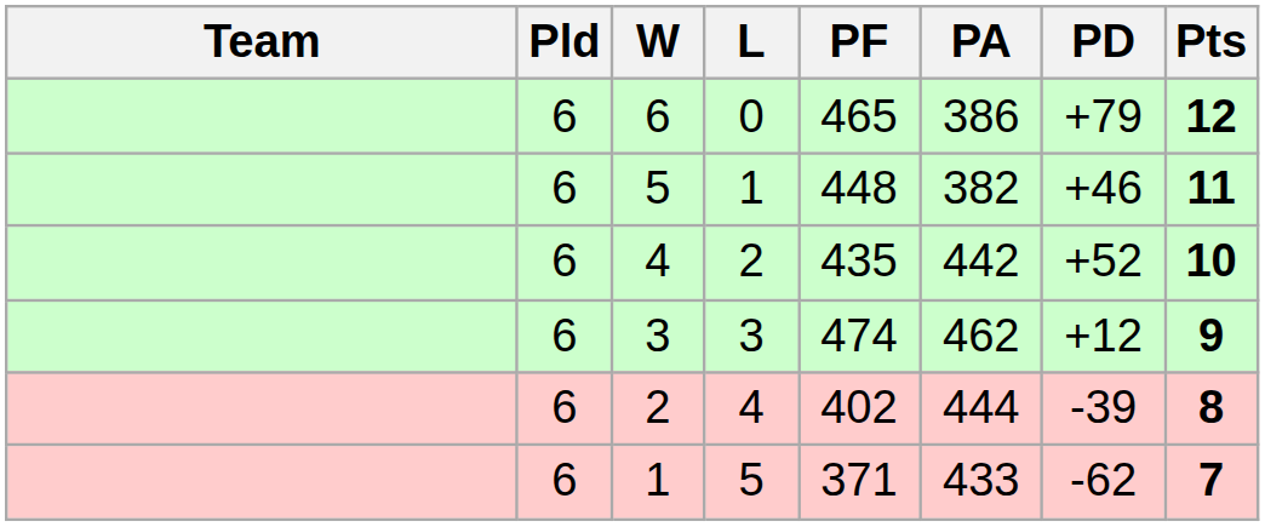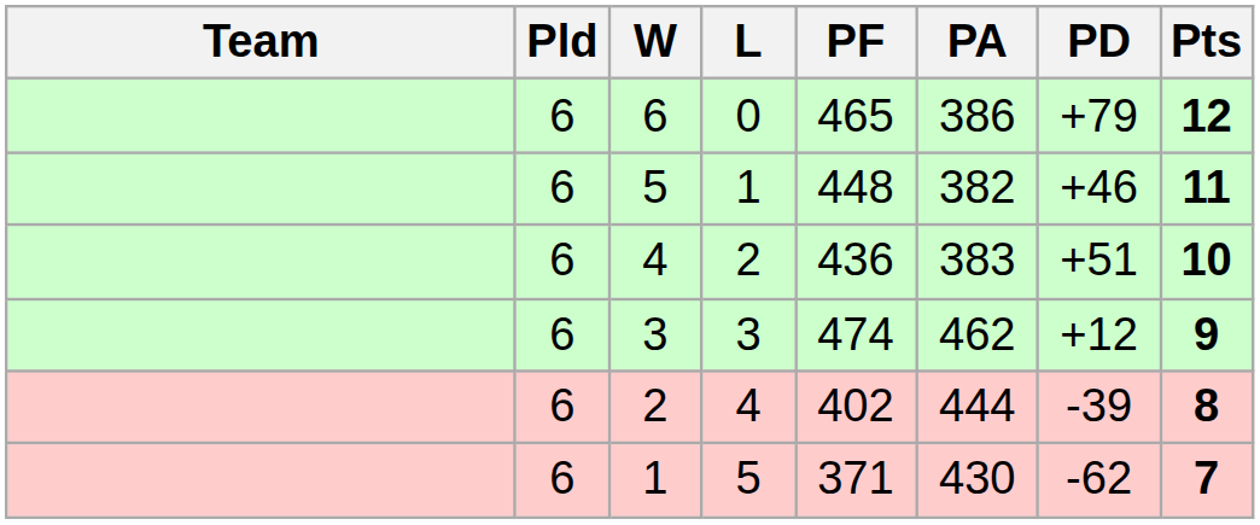 <table class="wikitable" style="text-align:center;">
 <tr>
 <th width=170>Team</th>
 <th width=25>Pld</th>
 <th width=25>W</th>
 <th width=25>L</th>
 <th width=35>PF</th>
 <th width=35>PA</th>
 <th width=35>PD</th>
 <th width=25>Pts</th>
 </tr>
 <tr bgcolor=ccffcc>
 <td align="left"></td>
 <td>6</td>
 <td>6</td>
 <td>0</td>
 <td>465</td>
 <td>386</td>
 <td>+79</td>
 <td><strong>12</strong></td>
 </tr>
 <tr bgcolor=ccffcc>
 <td align="left"></td>
 <td>6</td>
 <td>5</td>
 <td>1</td>
 <td>448</td>
 <td>382</td>
 <td>+46</td>
 <td><strong>11</strong></td>
 </tr>
 <tr bgcolor=ccffcc>
 <td align="left"></td>
 <td>6</td>
 <td>4</td>
 <td>2</td>
-<td>435</td>
-<td>442</td>
-<td>+52</td>
+<td>436</td>
+<td>383</td>
+<td>+51</td>
 <td><strong>10</strong></td>
 </tr>
 <tr bgcolor=ccffcc>
 <td align="left"></td>
 <td>6</td>
 <td>3</td>
 <td>3</td>
 <td>474</td>
 <td>462</td>
 <td>+12</td>
 <td><strong>9</strong></td>
 </tr>
 <tr bgcolor=ffcccc>
 <td align="left"></td>
 <td>6</td>
 <td>2</td>
 <td>4</td>
 <td>402</td>
 <td>444</td>
 <td>-39</td>
 <td><strong>8</strong></td>
 </tr>
 <tr bgcolor=ffcccc>
 <td align="left"></td>
 <td>6</td>
 <td>1</td>
 <td>5</td>
 <td>371</td>
-<td>433</td>
+<td>430</td>
 <td>-62</td>
 <td><strong>7</strong></td>
 </tr>
 </table>
